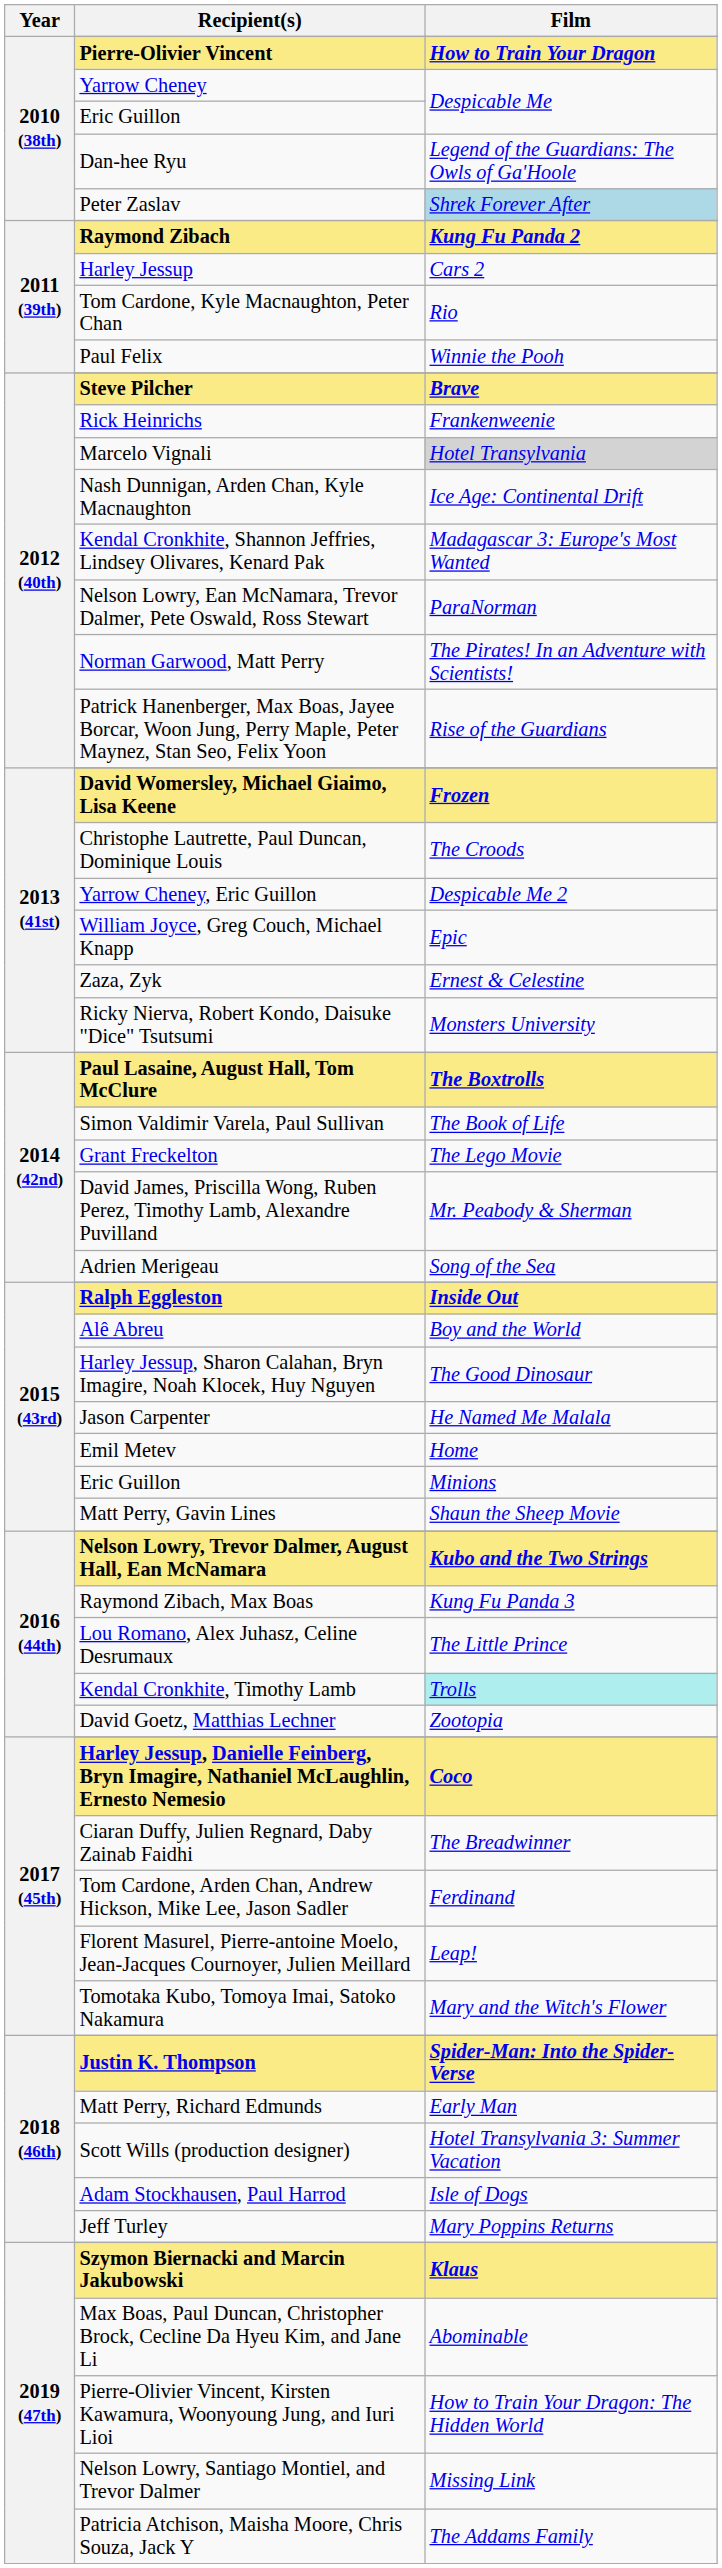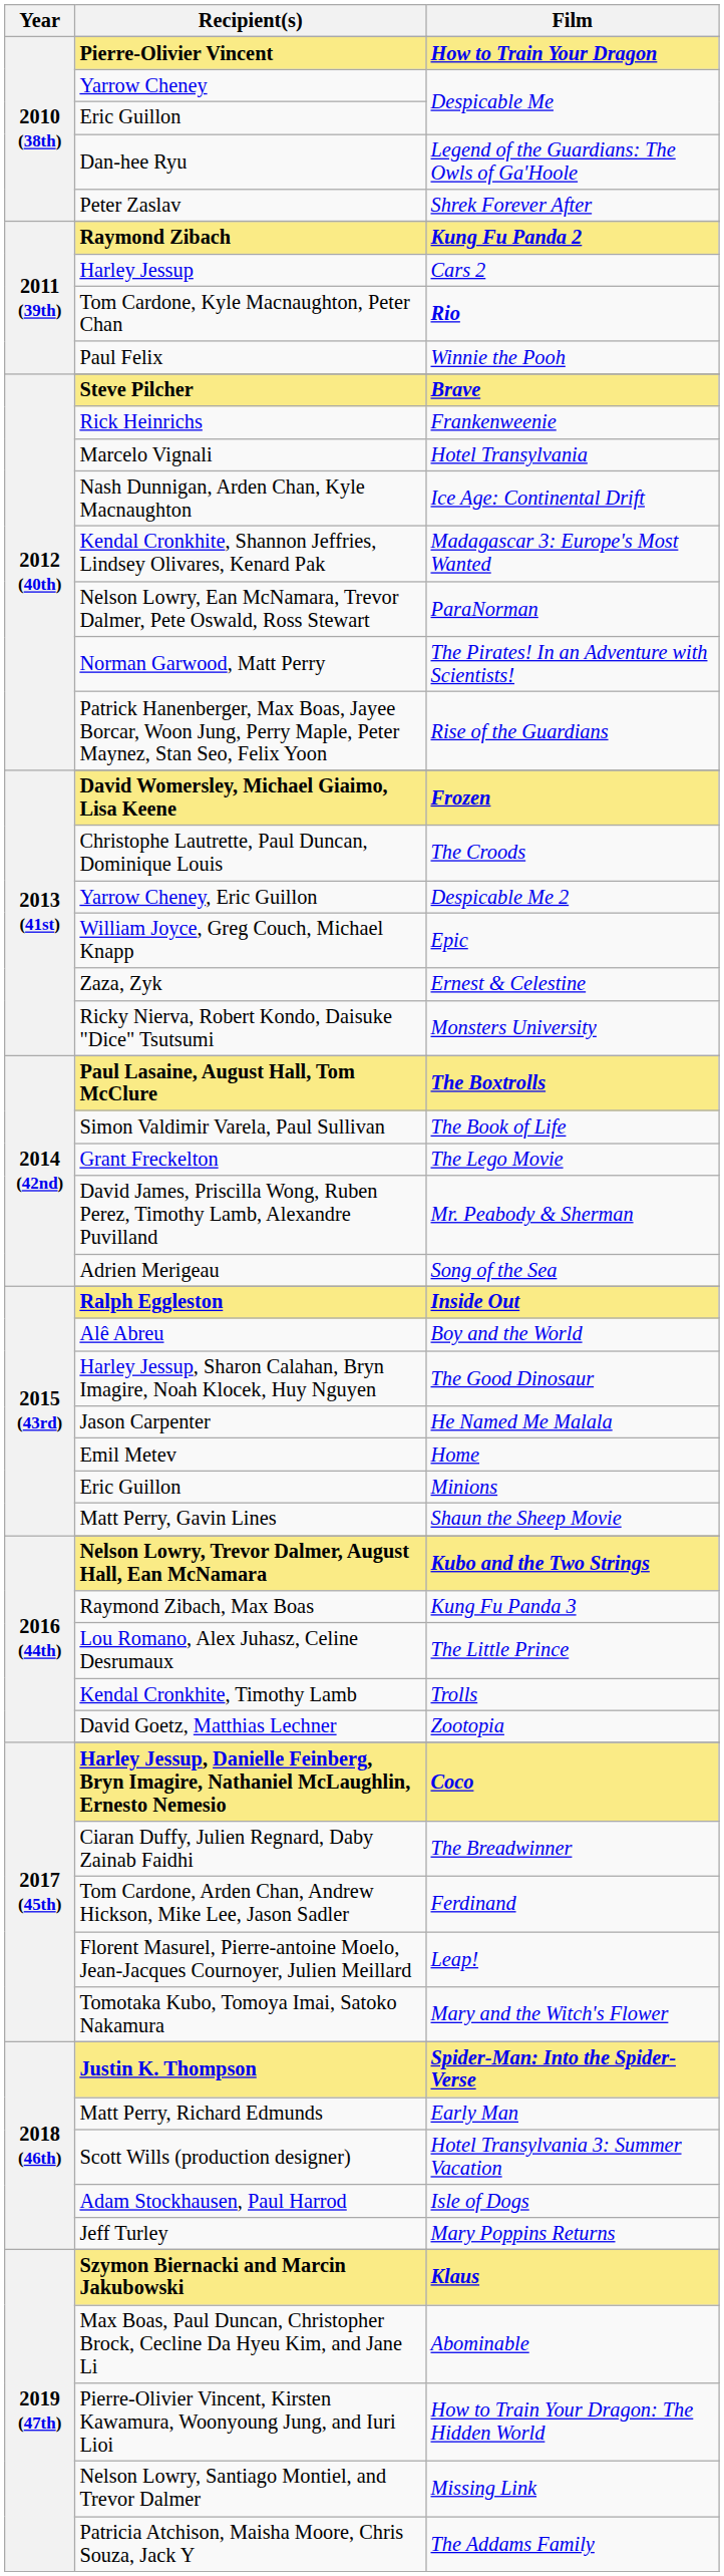 <table class="wikitable" style="width:90%;">
 <tr>
 <th style="width:3%;">Year</th>
 <th style="width:30%;">Recipient(s)</th>
 <th style="width:25%;">Film</th>
 </tr>
 <tr>
 <th rowspan="6" style="text-align:center;">2010 <br><small>(<a href='#'>38th</a>)</small><br></th>
 </tr>
 <tr>
 <td style="background:#FAEB86;"><strong>Pierre-Olivier Vincent</strong></td>
 <td style="background:#FAEB86;"><strong><em><a href='#'>How to Train Your Dragon</a></em></strong></td>
 </tr>
 <tr>
 <td><a href='#'>Yarrow Cheney</a></td>
 <td rowspan="2"><em><a href='#'>Despicable Me</a></em></td>
 </tr>
 <tr>
 <td>Eric Guillon</td>
 </tr>
 <tr>
 <td>Dan-hee Ryu</td>
 <td><em><a href='#'>Legend of the Guardians: The Owls of Ga'Hoole</a></em></td>
 </tr>
 <tr>
 <td>Peter Zaslav</td>
-<td style="background: lightblue;"><em><a href='#'>Shrek Forever After</a></em></td>
+<td><em><a href='#'>Shrek Forever After</a></em></td>
 </tr>
 <tr>
 <th rowspan="5" style="text-align:center;">2011 <br><small>(<a href='#'>39th</a>)</small><br></th>
 </tr>
 <tr>
 <td style="background:#FAEB86;"><strong>Raymond Zibach</strong></td>
 <td style="background:#FAEB86;"><strong><em><a href='#'>Kung Fu Panda 2</a></em></strong></td>
 </tr>
 <tr>
 <td><a href='#'>Harley Jessup</a></td>
 <td><em><a href='#'>Cars 2</a></em></td>
 </tr>
 <tr>
 <td>Tom Cardone, Kyle Macnaughton, Peter Chan</td>
-<td><a href='#'><em>Rio</em></a></td>
+<td><strong><a href='#'><em>Rio</em></a></strong></td>
 </tr>
 <tr>
 <td>Paul Felix</td>
 <td><em><a href='#'>Winnie the Pooh</a></em></td>
 </tr>
 <tr>
 <th rowspan="9" style="text-align:center;">2012 <br><small>(<a href='#'>40th</a>)</small><br></th>
 </tr>
 <tr>
 <td style="background:#FAEB86;"><strong>Steve Pilcher</strong></td>
 <td style="background:#FAEB86;"><strong><em><a href='#'>Brave</a></em></strong></td>
 </tr>
 <tr>
 <td><a href='#'>Rick Heinrichs</a></td>
 <td><a href='#'><em>Frankenweenie</em></a></td>
 </tr>
 <tr>
 <td>Marcelo Vignali</td>
-<td style="background: lightgrey;"><em><a href='#'>Hotel Transylvania</a></em></td>
+<td><em><a href='#'>Hotel Transylvania</a></em></td>
 </tr>
 <tr>
 <td>Nash Dunnigan, Arden Chan, Kyle Macnaughton</td>
 <td><em><a href='#'>Ice Age: Continental Drift</a></em></td>
 </tr>
 <tr>
 <td><a href='#'>Kendal Cronkhite</a>, Shannon Jeffries, Lindsey Olivares, Kenard Pak</td>
 <td><em><a href='#'>Madagascar 3: Europe's Most Wanted</a></em></td>
 </tr>
 <tr>
 <td>Nelson Lowry, Ean McNamara, Trevor Dalmer, Pete Oswald, Ross Stewart</td>
 <td><em><a href='#'>ParaNorman</a></em></td>
 </tr>
 <tr>
 <td><a href='#'>Norman Garwood</a>, Matt Perry</td>
 <td><em><a href='#'>The Pirates! In an Adventure with Scientists!</a></em></td>
 </tr>
 <tr>
 <td>Patrick Hanenberger, Max Boas, Jayee Borcar, Woon Jung, Perry Maple, Peter Maynez, Stan Seo, Felix Yoon</td>
 <td><em><a href='#'>Rise of the Guardians</a></em></td>
 </tr>
 <tr>
 <th rowspan="7" style="text-align:center;">2013 <br><small>(<a href='#'>41st</a>)</small><br></th>
 </tr>
 <tr>
 <td style="background:#FAEB86;"><strong>David Womersley, Michael Giaimo, Lisa Keene</strong></td>
 <td style="background:#FAEB86;"><strong><em><a href='#'>Frozen</a></em></strong></td>
 </tr>
 <tr>
 <td>Christophe Lautrette, Paul Duncan, Dominique Louis</td>
 <td><em><a href='#'>The Croods</a></em></td>
 </tr>
 <tr>
 <td><a href='#'>Yarrow Cheney</a>, Eric Guillon</td>
 <td><em><a href='#'>Despicable Me 2</a></em></td>
 </tr>
 <tr>
 <td><a href='#'>William Joyce</a>, Greg Couch, Michael Knapp</td>
 <td><em><a href='#'>Epic</a></em></td>
 </tr>
 <tr>
 <td>Zaza, Zyk</td>
 <td><em><a href='#'>Ernest & Celestine</a></em></td>
 </tr>
 <tr>
 <td>Ricky Nierva, Robert Kondo, Daisuke "Dice" Tsutsumi</td>
 <td><em><a href='#'>Monsters University</a></em></td>
 </tr>
 <tr>
 <th rowspan="6" style="text-align:center;">2014 <br><small>(<a href='#'>42nd</a>)</small><br></th>
 </tr>
 <tr>
 <td style="background:#FAEB86;"><strong>Paul Lasaine, August Hall, Tom McClure</strong></td>
 <td style="background:#FAEB86;"><strong><em><a href='#'>The Boxtrolls</a></em></strong></td>
 </tr>
 <tr>
 <td>Simon Valdimir Varela, Paul Sullivan</td>
 <td><a href='#'><em>The Book of Life</em></a></td>
 </tr>
 <tr>
 <td><a href='#'>Grant Freckelton</a></td>
 <td><em><a href='#'>The Lego Movie</a></em></td>
 </tr>
 <tr>
 <td>David James, Priscilla Wong, Ruben Perez, Timothy Lamb, Alexandre Puvilland</td>
 <td><em><a href='#'>Mr. Peabody & Sherman</a></em></td>
 </tr>
 <tr>
 <td>Adrien Merigeau</td>
 <td><a href='#'><em>Song of the Sea</em></a></td>
 </tr>
 <tr>
 <th rowspan="8" style="text-align:center;">2015 <br><small>(<a href='#'>43rd</a>)</small><br></th>
 </tr>
 <tr>
 <td style="background:#FAEB86;"><strong><a href='#'>Ralph Eggleston</a></strong></td>
 <td style="background:#FAEB86;"><strong><em><a href='#'>Inside Out</a></em></strong></td>
 </tr>
 <tr>
 <td><a href='#'>Alê Abreu</a></td>
 <td><em><a href='#'>Boy and the World</a></em></td>
 </tr>
 <tr>
 <td><a href='#'>Harley Jessup</a>, Sharon Calahan, Bryn Imagire, Noah Klocek, Huy Nguyen</td>
 <td><em><a href='#'>The Good Dinosaur</a></em></td>
 </tr>
 <tr>
 <td>Jason Carpenter</td>
 <td><em><a href='#'>He Named Me Malala</a></em></td>
 </tr>
 <tr>
 <td>Emil Metev</td>
 <td><a href='#'><em>Home</em></a></td>
 </tr>
 <tr>
 <td>Eric Guillon</td>
 <td><a href='#'><em>Minions</em></a></td>
 </tr>
 <tr>
 <td>Matt Perry, Gavin Lines</td>
 <td><em><a href='#'>Shaun the Sheep Movie</a></em></td>
 </tr>
 <tr>
 <th rowspan="6" style="text-align:center;">2016 <br><small>(<a href='#'>44th</a>)</small><br></th>
 </tr>
 <tr>
 <td style="background:#FAEB86;"><strong>Nelson Lowry, Trevor Dalmer, August Hall, Ean McNamara</strong></td>
 <td style="background:#FAEB86;"><strong><em><a href='#'>Kubo and the Two Strings</a></em></strong></td>
 </tr>
 <tr>
 <td>Raymond Zibach, Max Boas</td>
 <td><em><a href='#'>Kung Fu Panda 3</a></em></td>
 </tr>
 <tr>
 <td><a href='#'>Lou Romano</a>, Alex Juhasz, Celine Desrumaux</td>
 <td><em><a href='#'>The Little Prince</a></em></td>
 </tr>
 <tr>
 <td><a href='#'>Kendal Cronkhite</a>, Timothy Lamb</td>
-<td style="background: paleturquoise;"><a href='#'><em>Trolls</em></a></td>
+<td><a href='#'><em>Trolls</em></a></td>
 </tr>
 <tr>
 <td>David Goetz, <a href='#'>Matthias Lechner</a></td>
 <td><em><a href='#'>Zootopia</a></em></td>
 </tr>
 <tr>
 <th rowspan="6" style="text-align:center;">2017 <br><small>(<a href='#'>45th</a>)</small><br></th>
 </tr>
 <tr>
 <td style="background:#FAEB86;"><strong><a href='#'>Harley Jessup</a>, <a href='#'>Danielle Feinberg</a>, Bryn Imagire, Nathaniel McLaughlin, Ernesto Nemesio</strong></td>
 <td style="background:#FAEB86;"><strong><em><a href='#'>Coco</a></em></strong></td>
 </tr>
 <tr>
 <td>Ciaran Duffy, Julien Regnard, Daby Zainab Faidhi</td>
 <td><em><a href='#'>The Breadwinner</a></em></td>
 </tr>
 <tr>
 <td>Tom Cardone, Arden Chan, Andrew Hickson, Mike Lee, Jason Sadler</td>
 <td><em><a href='#'>Ferdinand</a></em></td>
 </tr>
 <tr>
 <td>Florent Masurel, Pierre-antoine Moelo, Jean-Jacques Cournoyer, Julien Meillard</td>
 <td><em><a href='#'>Leap!</a></em></td>
 </tr>
 <tr>
 <td>Tomotaka Kubo, Tomoya Imai, Satoko Nakamura</td>
 <td><em><a href='#'>Mary and the Witch's Flower</a></em></td>
 </tr>
 <tr>
 <th rowspan="6" style="text-align:center;">2018 <br><small>(<a href='#'>46th</a>)</small><br></th>
 </tr>
 <tr>
 <td style="background:#FAEB86;"><strong><a href='#'>Justin K. Thompson</a></strong></td>
 <td style="background:#FAEB86;"><strong><em><a href='#'>Spider-Man: Into the Spider-Verse</a></em></strong></td>
 </tr>
 <tr>
 <td>Matt Perry, Richard Edmunds</td>
 <td><a href='#'><em>Early Man</em></a></td>
 </tr>
 <tr>
 <td>Scott Wills (production designer)</td>
 <td><em><a href='#'>Hotel Transylvania 3: Summer Vacation</a></em></td>
 </tr>
 <tr>
 <td><a href='#'>Adam Stockhausen</a>, <a href='#'>Paul Harrod</a></td>
 <td><em><a href='#'>Isle of Dogs</a></em></td>
 </tr>
 <tr>
 <td>Jeff Turley</td>
 <td><em><a href='#'>Mary Poppins Returns</a></em></td>
 </tr>
 <tr>
 <th rowspan="6" style="text-align:center;">2019 <br><small>(<a href='#'>47th</a>)</small><br></th>
 </tr>
 <tr>
 <td style="background:#FAEB86;"><strong>Szymon Biernacki and Marcin Jakubowski </strong></td>
 <td style="background:#FAEB86;"><strong><em><a href='#'>Klaus</a></em></strong></td>
 </tr>
 <tr>
 <td>Max Boas, Paul Duncan, Christopher Brock, Cecline Da Hyeu Kim, and Jane Li</td>
 <td><a href='#'><em>Abominable</em></a></td>
 </tr>
 <tr>
 <td>Pierre-Olivier Vincent, Kirsten Kawamura, Woonyoung Jung, and Iuri Lioi</td>
 <td><em><a href='#'>How to Train Your Dragon: The Hidden World</a></em></td>
 </tr>
 <tr>
 <td>Nelson Lowry, Santiago Montiel, and Trevor Dalmer</td>
 <td><em><a href='#'>Missing Link</a></em></td>
 </tr>
 <tr>
 <td>Patricia Atchison, Maisha Moore, Chris Souza, Jack Y</td>
 <td><em><a href='#'>The Addams Family</a></em></td>
 </tr>
 <tr>
 </tr>
 </table>
